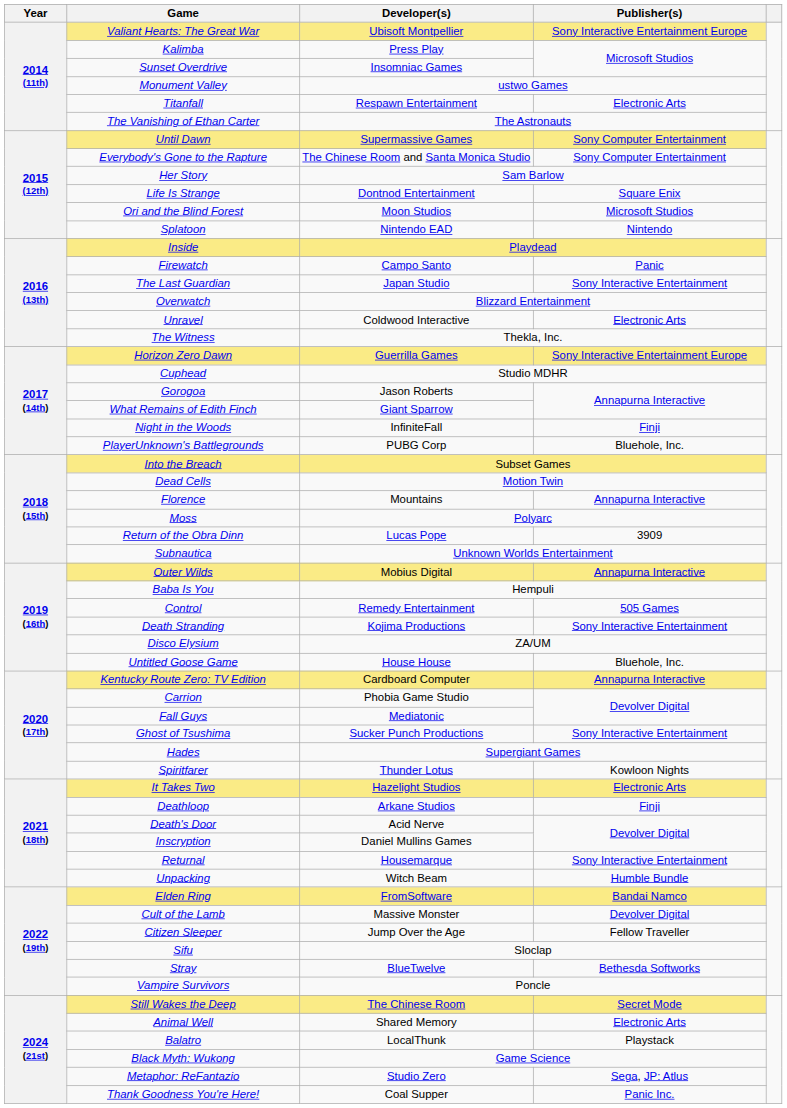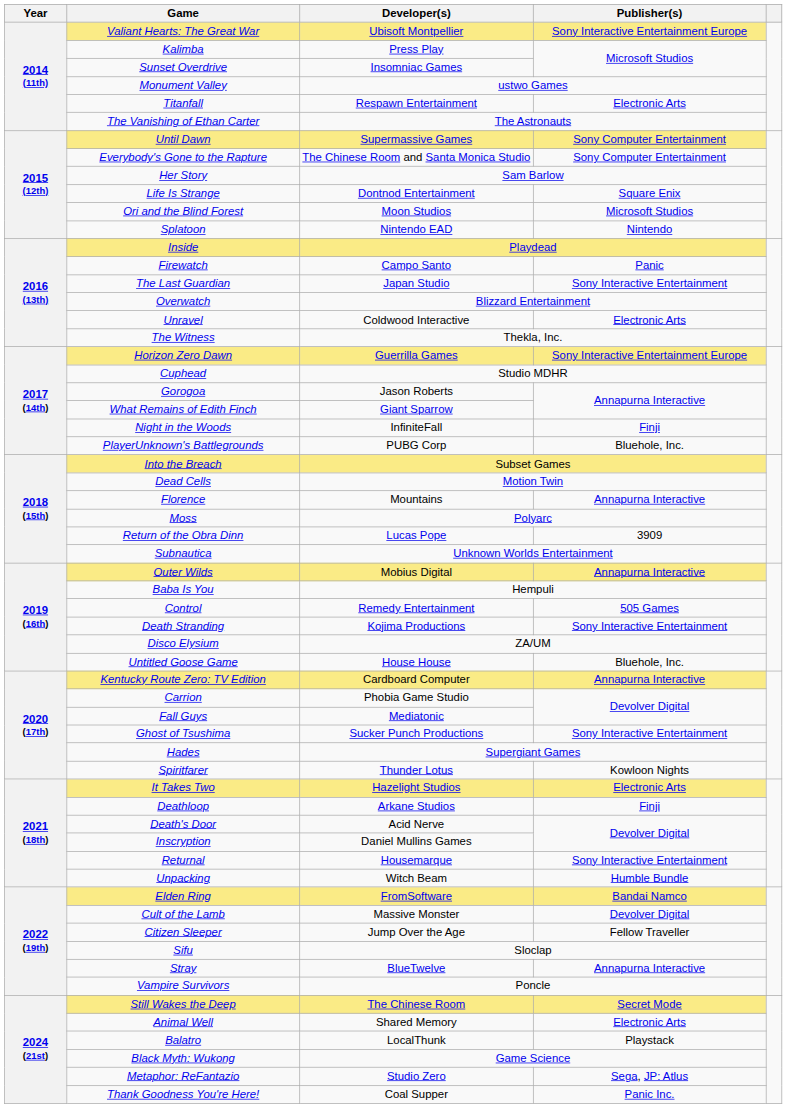 <table class="wikitable" rowspan=2 style="text-align: center;">
 <tr style="background:#bebebe;">
 <th scope="col" style="width:8%;">Year</th>
 <th scope="col" style="width:30%;">Game</th>
 <th scope="col" style="width:30%;">Developer(s)</th>
 <th scope="col" style="width:30%;">Publisher(s)</th>
 <th scope="col" style="width:2%;" class="unsortable"></th>
 </tr>
 <tr>
 <th scope="row" rowspan="6" style="text-align:center"><a href='#'>2014</a> <br><small><a href='#'>(11th)</a> </small></th>
 <td style="background:#FAEB86"><em><a href='#'>Valiant Hearts: The Great War</a></em></td>
 <td style="background:#FAEB86"><a href='#'>Ubisoft Montpellier</a></td>
 <td style="background:#FAEB86"><a href='#'>Sony Interactive Entertainment Europe</a></td>
 <td rowspan="6"></td>
 </tr>
 <tr>
 <td><em><a href='#'>Kalimba</a></em></td>
 <td><a href='#'>Press Play</a></td>
 <td rowspan="2"><a href='#'>Microsoft Studios</a></td>
 </tr>
 <tr>
 <td><em><a href='#'>Sunset Overdrive</a></em></td>
 <td><a href='#'>Insomniac Games</a></td>
 </tr>
 <tr>
 <td><em><a href='#'>Monument Valley</a></em></td>
 <td colspan="2"><a href='#'>ustwo Games</a></td>
 </tr>
 <tr>
 <td><em><a href='#'>Titanfall</a></em></td>
 <td><a href='#'>Respawn Entertainment</a></td>
 <td><a href='#'>Electronic Arts</a></td>
 </tr>
 <tr>
 <td><em><a href='#'>The Vanishing of Ethan Carter</a></em></td>
 <td colspan="2"><a href='#'>The Astronauts</a></td>
 </tr>
 <tr>
 <th scope="row" rowspan="6" style="text-align:center"><a href='#'>2015</a> <br><small><a href='#'>(12th)</a> </small></th>
 <td style="background:#FAEB86"><em><a href='#'>Until Dawn</a></em></td>
 <td style="background:#FAEB86"><a href='#'>Supermassive Games</a></td>
 <td style="background:#FAEB86"><a href='#'>Sony Computer Entertainment</a></td>
 <td rowspan="6"></td>
 </tr>
 <tr>
 <td><em><a href='#'>Everybody's Gone to the Rapture</a></em></td>
 <td><a href='#'>The Chinese Room</a> and <a href='#'>Santa Monica Studio</a></td>
 <td><a href='#'>Sony Computer Entertainment</a></td>
 </tr>
 <tr>
 <td><em><a href='#'>Her Story</a></em></td>
 <td colspan="2"><a href='#'>Sam Barlow</a></td>
 </tr>
 <tr>
 <td><em><a href='#'>Life Is Strange</a></em></td>
 <td><a href='#'>Dontnod Entertainment</a></td>
 <td><a href='#'>Square Enix</a></td>
 </tr>
 <tr>
 <td><em><a href='#'>Ori and the Blind Forest</a></em></td>
 <td><a href='#'>Moon Studios</a></td>
 <td><a href='#'>Microsoft Studios</a></td>
 </tr>
 <tr>
 <td><em><a href='#'>Splatoon</a></em></td>
 <td><a href='#'>Nintendo EAD</a></td>
 <td><a href='#'>Nintendo</a></td>
 </tr>
 <tr>
 <th rowspan="6"><a href='#'>2016</a> <br><small><a href='#'>(13th)</a></small></th>
 <td style="background:#FAEB86"><em><a href='#'>Inside</a></em></td>
 <td colspan="2" style="background:#FAEB86"><a href='#'>Playdead</a></td>
 <td rowspan="6"></td>
 </tr>
 <tr>
 <td><em><a href='#'>Firewatch</a></em></td>
 <td><a href='#'>Campo Santo</a></td>
 <td><a href='#'>Panic</a></td>
 </tr>
 <tr>
 <td><em><a href='#'>The Last Guardian</a></em></td>
 <td><a href='#'>Japan Studio</a></td>
 <td><a href='#'>Sony Interactive Entertainment</a></td>
 </tr>
 <tr>
 <td><em><a href='#'>Overwatch</a></em></td>
 <td colspan="2"><a href='#'>Blizzard Entertainment</a></td>
 </tr>
 <tr>
 <td><em><a href='#'>Unravel</a></em></td>
 <td>Coldwood Interactive</td>
 <td><a href='#'>Electronic Arts</a></td>
 </tr>
 <tr>
 <td><em><a href='#'>The Witness</a></em></td>
 <td colspan="2">Thekla, Inc.</td>
 </tr>
 <tr>
 <th rowspan="6"><a href='#'>2017</a><br><small>(<a href='#'>14th</a>)</small></th>
 <td style="background:#FAEB86"><em><a href='#'>Horizon Zero Dawn</a></em></td>
 <td style="background:#FAEB86"><a href='#'>Guerrilla Games</a></td>
 <td style="background:#FAEB86"><a href='#'>Sony Interactive Entertainment Europe</a></td>
 <td rowspan="6"></td>
 </tr>
 <tr>
 <td><em><a href='#'>Cuphead</a></em></td>
 <td colspan="2">Studio MDHR</td>
 </tr>
 <tr>
 <td><em><a href='#'>Gorogoa</a></em></td>
 <td>Jason Roberts</td>
 <td rowspan="2"><a href='#'>Annapurna Interactive</a></td>
 </tr>
 <tr>
 <td><em><a href='#'>What Remains of Edith Finch</a></em></td>
 <td><a href='#'>Giant Sparrow</a></td>
 </tr>
 <tr>
 <td><em><a href='#'>Night in the Woods</a></em></td>
 <td>InfiniteFall</td>
 <td><a href='#'>Finji</a></td>
 </tr>
 <tr>
 <td><em><a href='#'>PlayerUnknown's Battlegrounds</a></em></td>
 <td>PUBG Corp</td>
 <td>Bluehole, Inc.</td>
 </tr>
 <tr>
 <th rowspan="6"><a href='#'>2018</a><br><small>(<a href='#'>15th</a>)</small></th>
 <td style="background:#FAEB86"><em><a href='#'>Into the Breach</a></em></td>
 <td colspan="2" style="background:#FAEB86">Subset Games</td>
 <td rowspan="6"></td>
 </tr>
 <tr>
 <td><em><a href='#'>Dead Cells</a></em></td>
 <td colspan="2"><a href='#'>Motion Twin</a></td>
 </tr>
 <tr>
 <td><em><a href='#'>Florence</a></em></td>
 <td>Mountains</td>
 <td><a href='#'>Annapurna Interactive</a></td>
 </tr>
 <tr>
 <td><em><a href='#'>Moss</a></em></td>
 <td colspan="2"><a href='#'>Polyarc</a></td>
 </tr>
 <tr>
 <td><em><a href='#'>Return of the Obra Dinn</a></em></td>
 <td><a href='#'>Lucas Pope</a></td>
 <td>3909</td>
 </tr>
 <tr>
 <td><em><a href='#'>Subnautica</a></em></td>
 <td colspan="2"><a href='#'>Unknown Worlds Entertainment</a></td>
 </tr>
 <tr>
 <th rowspan="6"><a href='#'>2019</a><br><small>(<a href='#'>16th</a>)</small></th>
 <td style="background:#FAEB86"><em><a href='#'>Outer Wilds</a></em></td>
 <td style="background:#FAEB86">Mobius Digital</td>
 <td style="background:#FAEB86"><a href='#'>Annapurna Interactive</a></td>
 <td rowspan="6"></td>
 </tr>
 <tr>
 <td><em><a href='#'>Baba Is You</a></em></td>
 <td colspan="2">Hempuli</td>
 </tr>
 <tr>
 <td><em><a href='#'>Control</a></em></td>
 <td><a href='#'>Remedy Entertainment</a></td>
 <td><a href='#'>505 Games</a></td>
 </tr>
 <tr>
 <td><em><a href='#'>Death Stranding</a></em></td>
 <td><a href='#'>Kojima Productions</a></td>
 <td><a href='#'>Sony Interactive Entertainment</a></td>
 </tr>
 <tr>
 <td><em><a href='#'>Disco Elysium</a></em></td>
 <td colspan="2">ZA/UM</td>
 </tr>
 <tr>
 <td><em><a href='#'>Untitled Goose Game</a></em></td>
 <td><a href='#'>House House</a></td>
 <td>Bluehole, Inc.</td>
 </tr>
 <tr>
 <th rowspan="6"><a href='#'>2020</a><br><small>(<a href='#'>17th</a>)</small></th>
 <td style="background:#FAEB86"><em><a href='#'>Kentucky Route Zero: TV Edition</a></em></td>
 <td style="background:#FAEB86">Cardboard Computer</td>
 <td style="background:#FAEB86"><a href='#'>Annapurna Interactive</a></td>
 <td rowspan="6"></td>
 </tr>
 <tr>
 <td><em><a href='#'>Carrion</a></em></td>
 <td>Phobia Game Studio</td>
 <td rowspan="2"><a href='#'>Devolver Digital</a></td>
 </tr>
 <tr>
 <td><em><a href='#'>Fall Guys</a></em></td>
 <td><a href='#'>Mediatonic</a></td>
 </tr>
 <tr>
 <td><em><a href='#'>Ghost of Tsushima</a></em></td>
 <td><a href='#'>Sucker Punch Productions</a></td>
 <td><a href='#'>Sony Interactive Entertainment</a></td>
 </tr>
 <tr>
 <td><em><a href='#'>Hades</a></em></td>
 <td colspan="2"><a href='#'>Supergiant Games</a></td>
 </tr>
 <tr>
 <td><em><a href='#'>Spiritfarer</a></em></td>
 <td><a href='#'>Thunder Lotus</a></td>
 <td>Kowloon Nights</td>
 </tr>
 <tr>
 <th rowspan="6"><a href='#'>2021</a><br><small>(<a href='#'>18th</a>)</small></th>
 <td style="background:#FAEB86"><em><a href='#'>It Takes Two</a></em></td>
 <td style="background:#FAEB86"><a href='#'>Hazelight Studios</a></td>
 <td style="background:#FAEB86"><a href='#'>Electronic Arts</a></td>
 <td rowspan="6"></td>
 </tr>
 <tr>
 <td><em><a href='#'>Deathloop</a></em></td>
 <td><a href='#'>Arkane Studios</a></td>
 <td><a href='#'>Finji</a></td>
 </tr>
 <tr>
 <td><em><a href='#'>Death's Door</a></em></td>
 <td>Acid Nerve</td>
 <td rowspan="2"><a href='#'>Devolver Digital</a></td>
 </tr>
 <tr>
 <td><em><a href='#'>Inscryption</a></em></td>
 <td>Daniel Mullins Games</td>
 </tr>
 <tr>
 <td><em><a href='#'>Returnal</a></em></td>
 <td><a href='#'>Housemarque</a></td>
 <td><a href='#'>Sony Interactive Entertainment</a></td>
 </tr>
 <tr>
 <td><em><a href='#'>Unpacking</a></em></td>
 <td>Witch Beam</td>
 <td><a href='#'>Humble Bundle</a></td>
 </tr>
 <tr>
 <th rowspan="6"><a href='#'>2022</a><br><small>(<a href='#'>19th</a>)</small></th>
 <td style="background:#FAEB86"><em><a href='#'>Elden Ring</a></em></td>
 <td style="background:#FAEB86"><a href='#'>FromSoftware</a></td>
 <td style="background:#FAEB86"><a href='#'>Bandai Namco</a></td>
 <td rowspan="6"></td>
 </tr>
 <tr>
 <td><em><a href='#'>Cult of the Lamb</a></em></td>
 <td>Massive Monster</td>
 <td><a href='#'>Devolver Digital</a></td>
 </tr>
 <tr>
 <td><em><a href='#'>Citizen Sleeper</a></em></td>
 <td>Jump Over the Age</td>
 <td>Fellow Traveller</td>
 </tr>
 <tr>
 <td><em><a href='#'>Sifu</a></em></td>
 <td colspan="2">Sloclap</td>
 </tr>
 <tr>
 <td><em><a href='#'>Stray</a></em></td>
 <td><a href='#'>BlueTwelve</a></td>
-<td><a href='#'>Bethesda Softworks</a></td>
+<td><a href='#'>Annapurna Interactive</a></td>
 </tr>
 <tr>
 <td><em><a href='#'>Vampire Survivors</a></em></td>
 <td colspan="2">Poncle</td>
 </tr>
 <tr>
 <th rowspan="6"><a href='#'>2024</a><br><small>(<a href='#'>21st</a>)</small></th>
 <td style="background:#FAEB86"><em><a href='#'>Still Wakes the Deep</a></em></td>
 <td style="background:#FAEB86"><a href='#'>The Chinese Room</a></td>
 <td style="background:#FAEB86"><a href='#'>Secret Mode</a></td>
 <td rowspan="6"></td>
 </tr>
 <tr>
 <td><em><a href='#'>Animal Well</a></em></td>
 <td>Shared Memory</td>
 <td><a href='#'>Electronic Arts</a></td>
 </tr>
 <tr>
 <td><em><a href='#'>Balatro</a></em></td>
 <td>LocalThunk</td>
 <td>Playstack</td>
 </tr>
 <tr>
 <td><em><a href='#'>Black Myth: Wukong</a></em></td>
 <td colspan="2"><a href='#'>Game Science</a></td>
 </tr>
 <tr>
 <td><em><a href='#'>Metaphor: ReFantazio</a></em></td>
 <td><a href='#'>Studio Zero</a></td>
 <td><a href='#'>Sega</a>, <a href='#'>JP: Atlus</a></td>
 </tr>
 <tr>
 <td><em><a href='#'>Thank Goodness You're Here!</a></em></td>
 <td>Coal Supper</td>
 <td><a href='#'>Panic Inc.</a></td>
 </tr>
 </table>
